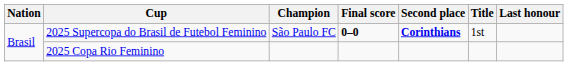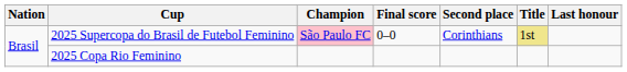 <table class="wikitable" style="font-size:14px">
 <tr>
 <th>Nation</th>
 <th>Cup</th>
 <th>Champion</th>
 <th>Final score</th>
 <th>Second place</th>
 <th data-sort-type="number">Title</th>
 <th>Last honour</th>
 </tr>
 <tr>
 <td rowspan=2> <a href='#'>Brasil</a></td>
 <td align="left"><a href='#'>2025 Supercopa do Brasil de Futebol Feminino</a></td>
-<td><a href='#'>São Paulo FC</a></td>
-<td><strong>0–0 </strong></td>
-<td><strong><a href='#'>Corinthians</a></strong></td>
-<td>1st</td>
+<td style="background: pink;"><a href='#'>São Paulo FC</a></td>
+<td>0–0 </td>
+<td><a href='#'>Corinthians</a></td>
+<td style="background: khaki;">1st</td>
 <td></td>
 </tr>
 <tr>
 <td align="left"><a href='#'>2025 Copa Rio Feminino</a></td>
 <td></td>
 <td></td>
 <td></td>
 <td></td>
 <td></td>
 </tr>
 </table>
